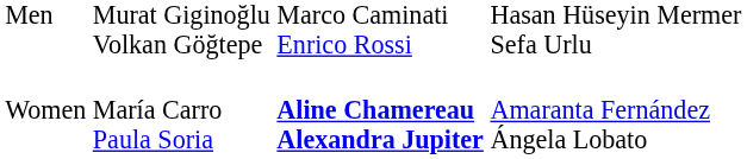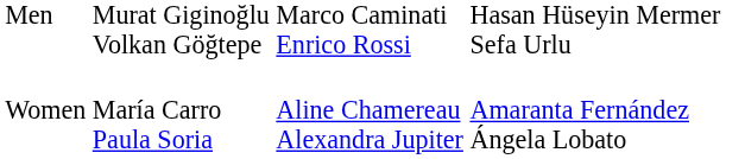 <table>
 <tr>
 <td>Men</td>
 <td nowrap><br>Murat Giginoğlu<br>Volkan Göğtepe</td>
 <td><br>Marco Caminati<br><a href='#'>Enrico Rossi</a></td>
 <td nowrap><br>Hasan Hüseyin Mermer<br>Sefa Urlu</td>
 </tr>
 <tr>
 <td>Women</td>
 <td><br>María Carro<br><a href='#'>Paula Soria</a></td>
-<td nowrap><strong><br><a href='#'>Aline Chamereau</a><br><a href='#'>Alexandra Jupiter</a></strong></td>
+<td nowrap><br><a href='#'>Aline Chamereau</a><br><a href='#'>Alexandra Jupiter</a></td>
 <td><br><a href='#'>Amaranta Fernández</a><br>Ángela Lobato</td>
 </tr>
 </table>
